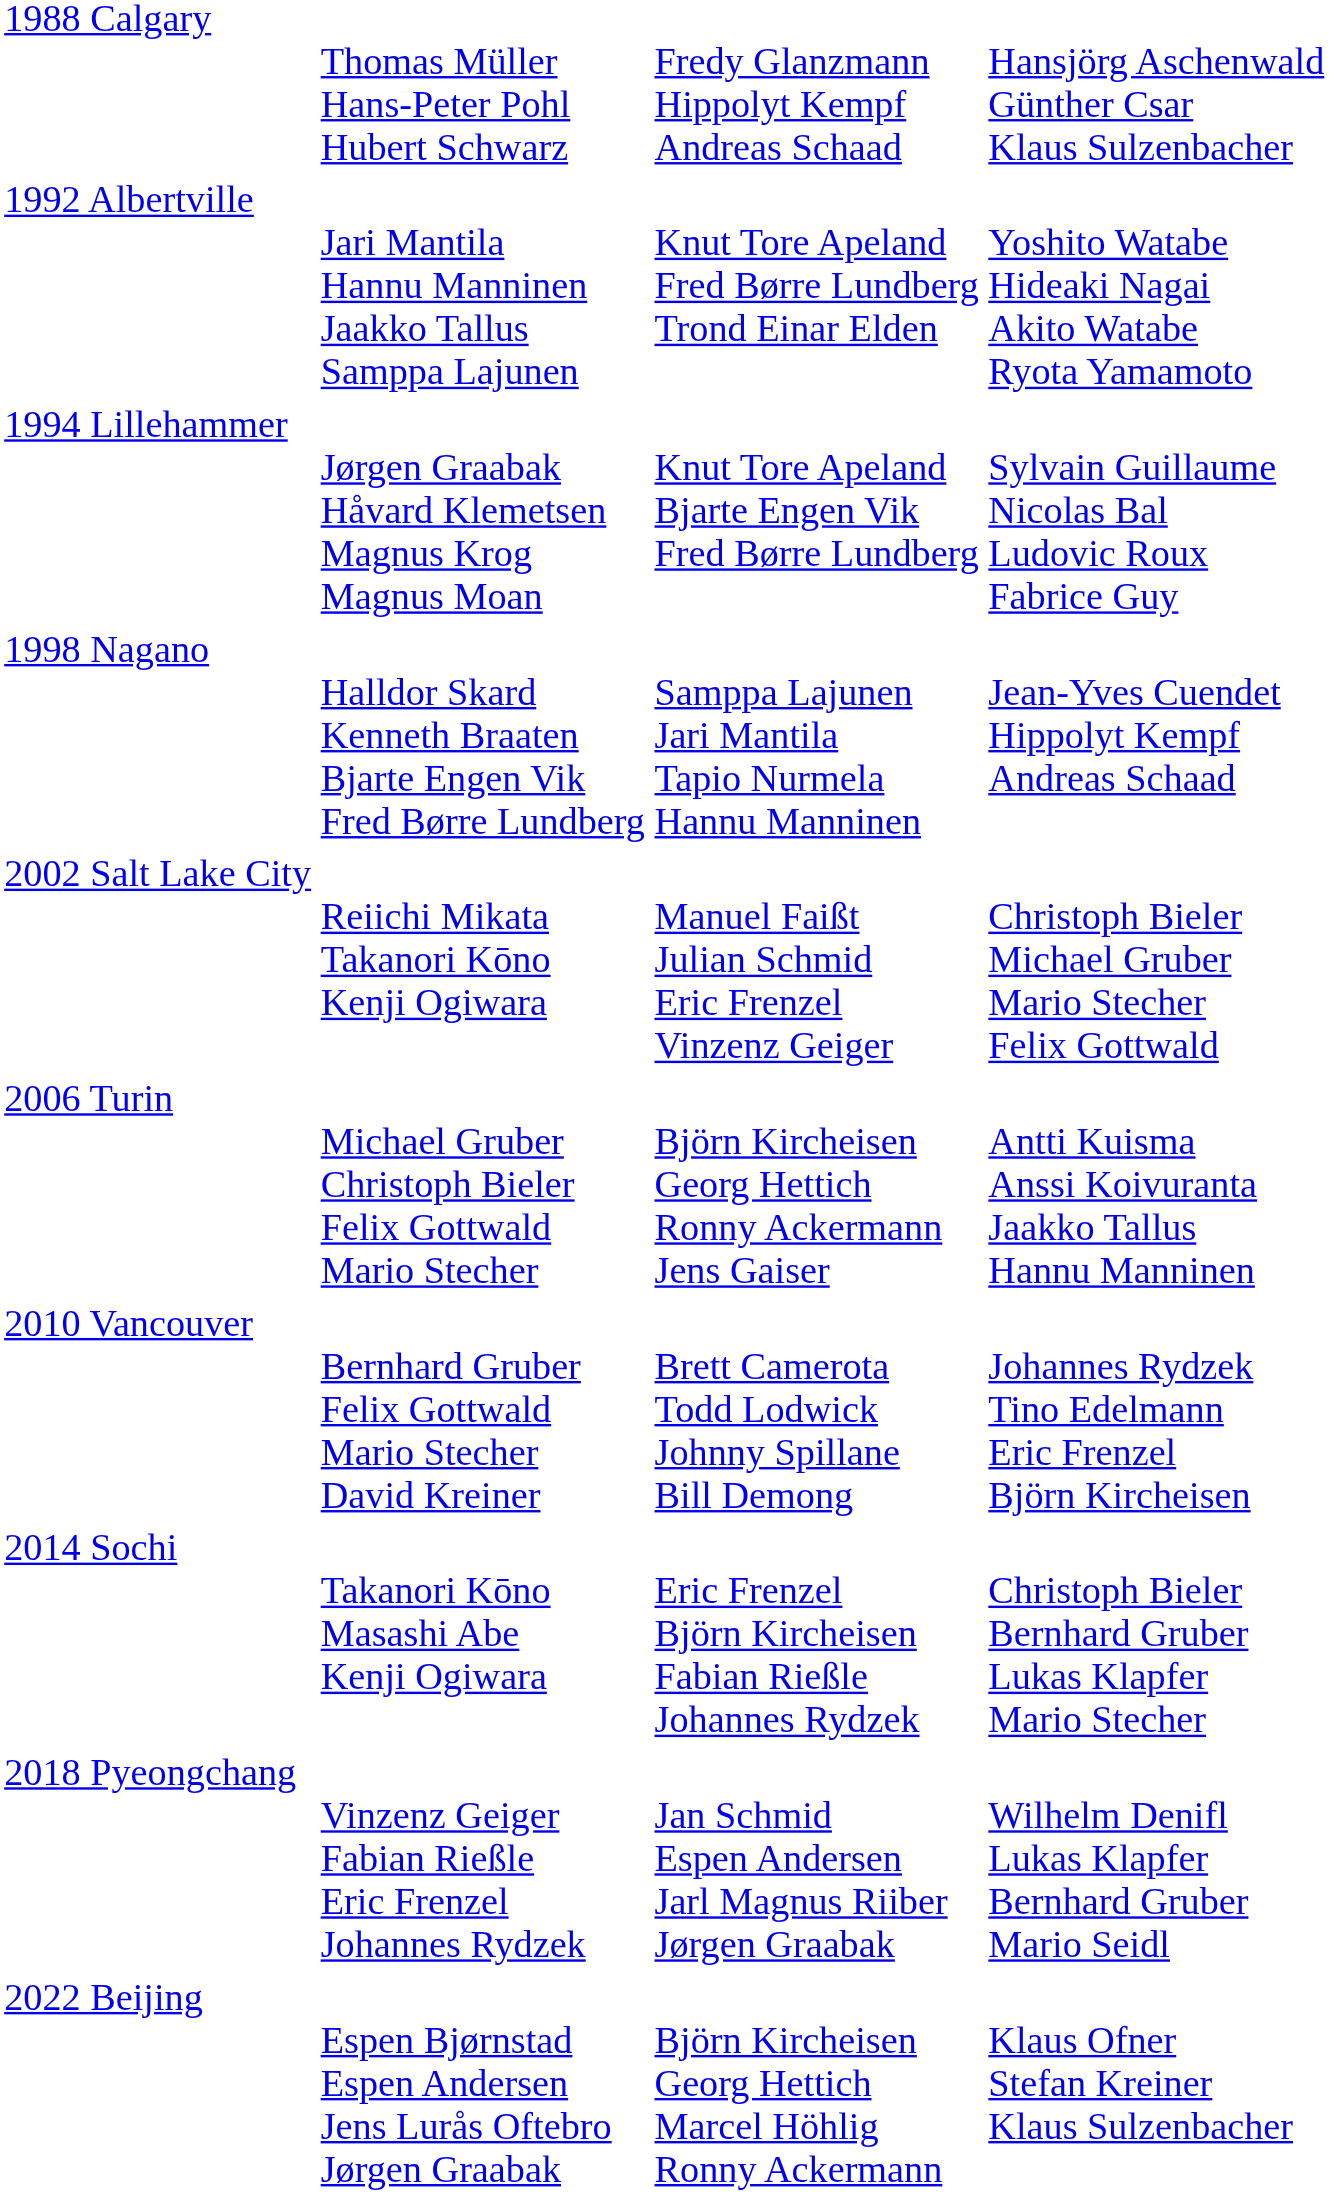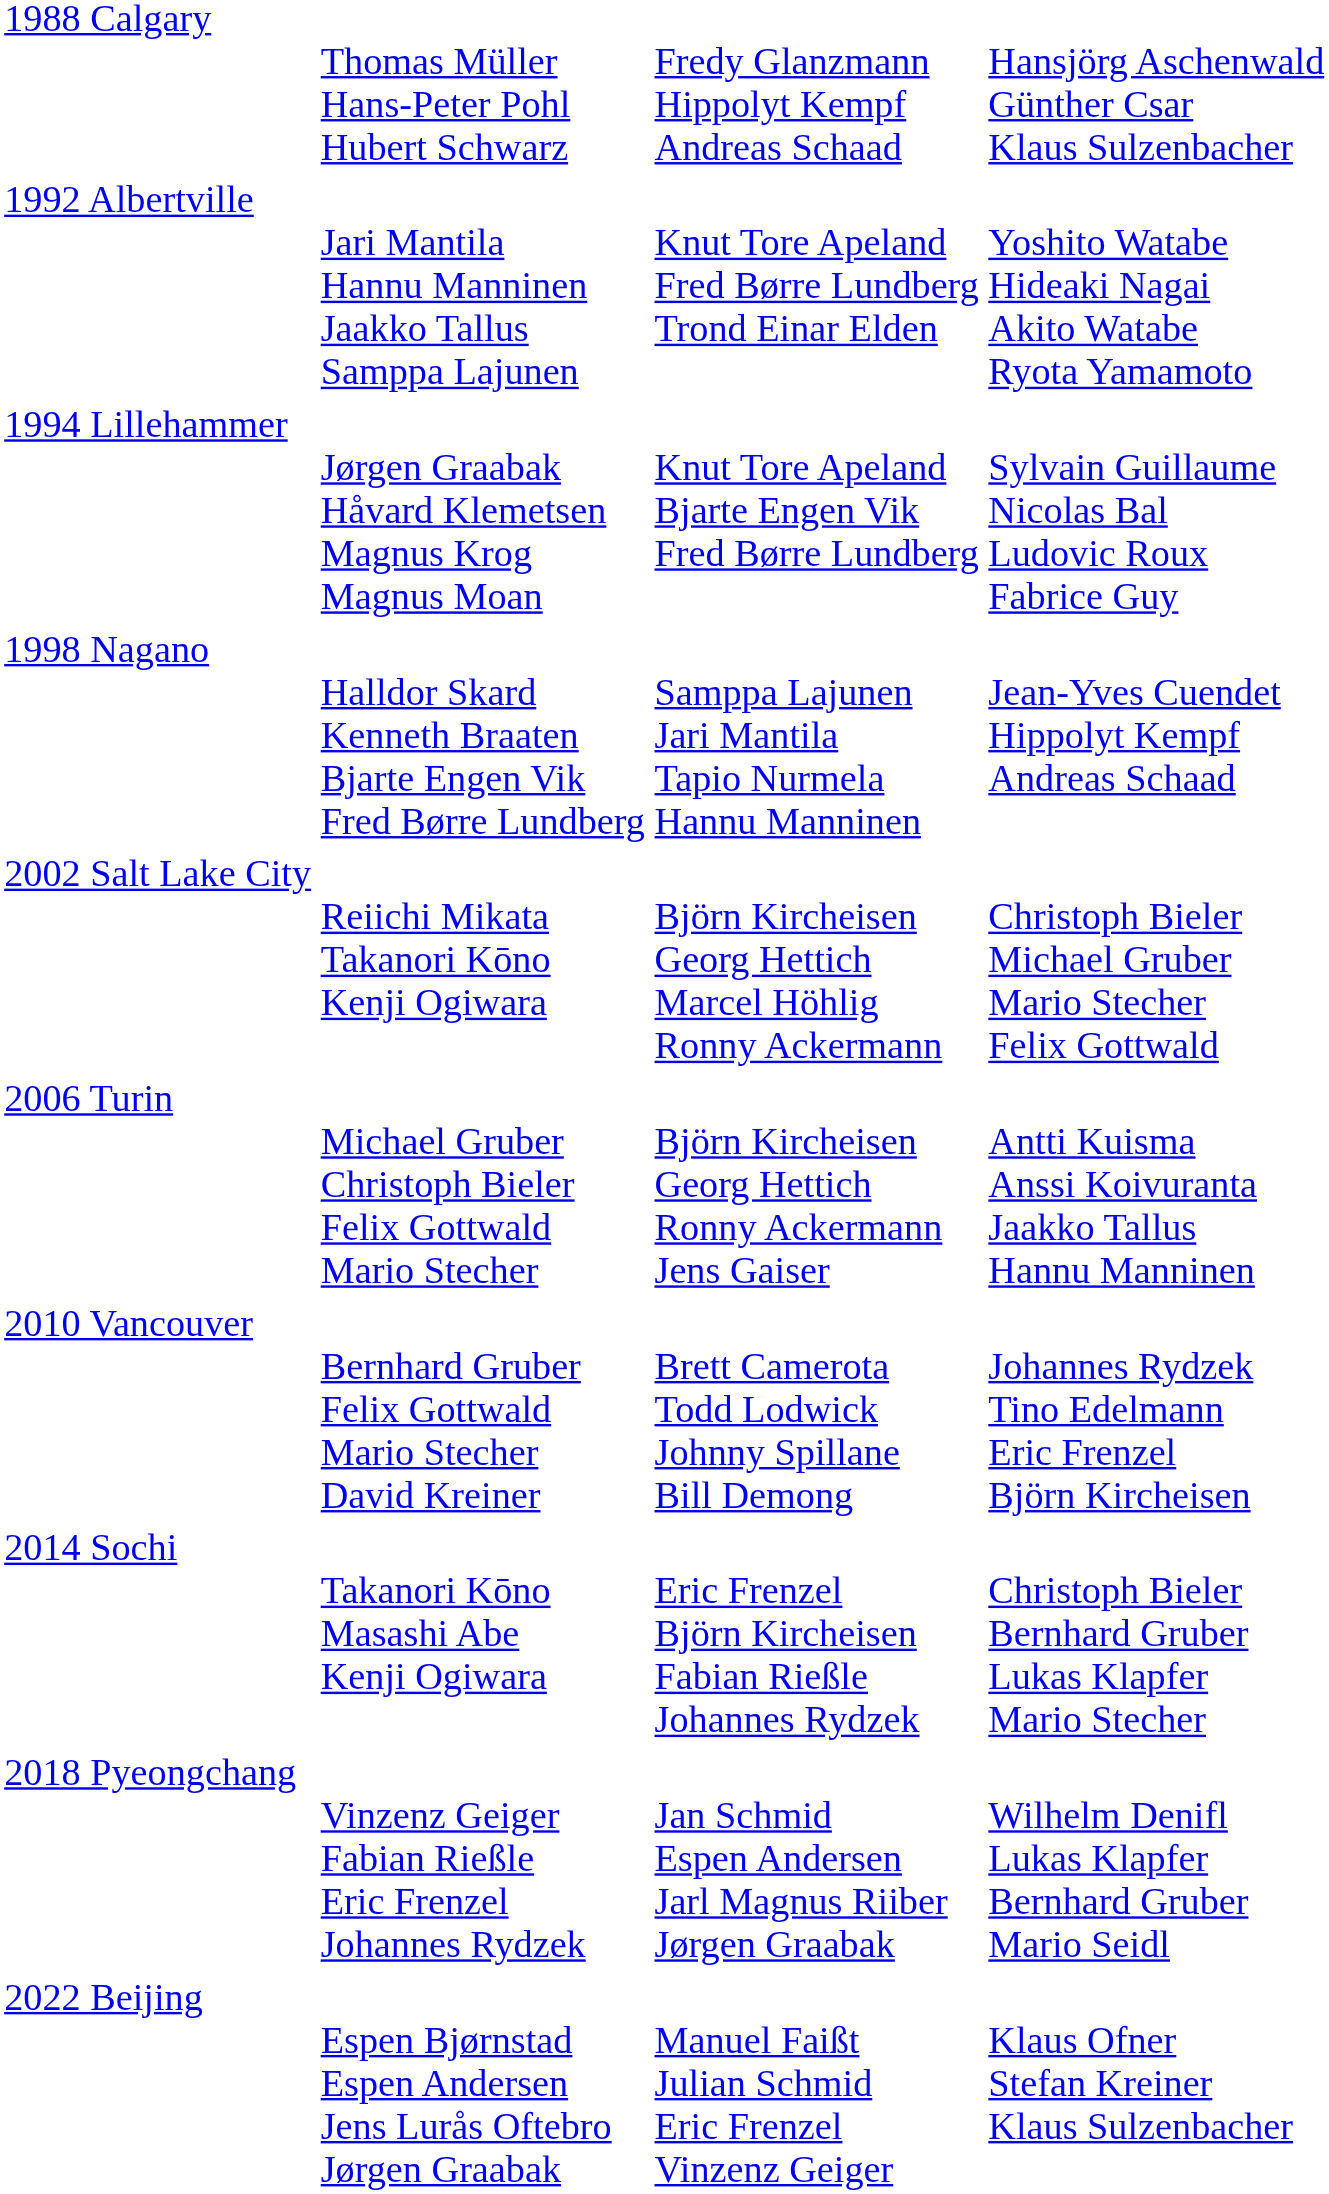 <table>
 <tr valign="top">
 <td><a href='#'>1988 Calgary</a><br></td>
 <td><br><a href='#'>Thomas Müller</a><br><a href='#'>Hans-Peter Pohl</a><br><a href='#'>Hubert Schwarz</a></td>
 <td><br><a href='#'>Fredy Glanzmann</a><br><a href='#'>Hippolyt Kempf</a><br><a href='#'>Andreas Schaad</a></td>
 <td><br><a href='#'>Hansjörg Aschenwald</a><br><a href='#'>Günther Csar</a><br><a href='#'>Klaus Sulzenbacher</a></td>
 </tr>
 <tr valign="top">
 <td><a href='#'>1992 Albertville</a><br></td>
 <td><br><a href='#'>Jari Mantila</a><br><a href='#'>Hannu Manninen</a><br><a href='#'>Jaakko Tallus</a><br><a href='#'>Samppa Lajunen</a></td>
 <td><br><a href='#'>Knut Tore Apeland</a><br><a href='#'>Fred Børre Lundberg</a><br><a href='#'>Trond Einar Elden</a></td>
 <td><br><a href='#'>Yoshito Watabe</a><br><a href='#'>Hideaki Nagai</a><br><a href='#'>Akito Watabe</a><br><a href='#'>Ryota Yamamoto</a></td>
 </tr>
 <tr valign="top">
 <td><a href='#'>1994 Lillehammer</a><br></td>
 <td><br><a href='#'>Jørgen Graabak</a><br><a href='#'>Håvard Klemetsen</a><br><a href='#'>Magnus Krog</a><br><a href='#'>Magnus Moan</a></td>
 <td><br><a href='#'>Knut Tore Apeland</a><br><a href='#'>Bjarte Engen Vik</a><br><a href='#'>Fred Børre Lundberg</a></td>
 <td><br><a href='#'>Sylvain Guillaume</a><br><a href='#'>Nicolas Bal</a><br><a href='#'>Ludovic Roux</a><br><a href='#'>Fabrice Guy</a></td>
 </tr>
 <tr valign="top">
 <td><a href='#'>1998 Nagano</a><br></td>
 <td><br><a href='#'>Halldor Skard</a><br><a href='#'>Kenneth Braaten</a><br><a href='#'>Bjarte Engen Vik</a><br><a href='#'>Fred Børre Lundberg</a></td>
 <td><br><a href='#'>Samppa Lajunen</a><br><a href='#'>Jari Mantila</a><br><a href='#'>Tapio Nurmela</a><br><a href='#'>Hannu Manninen</a></td>
 <td><br><a href='#'>Jean-Yves Cuendet</a><br><a href='#'>Hippolyt Kempf</a><br><a href='#'>Andreas Schaad</a></td>
 </tr>
 <tr valign="top">
 <td><a href='#'>2002 Salt Lake City</a><br></td>
 <td><br><a href='#'>Reiichi Mikata</a><br><a href='#'>Takanori Kōno</a><br><a href='#'>Kenji Ogiwara</a></td>
-<td><br><a href='#'>Manuel Faißt</a><br><a href='#'>Julian Schmid</a><br><a href='#'>Eric Frenzel</a><br><a href='#'>Vinzenz Geiger</a></td>
+<td><br><a href='#'>Björn Kircheisen</a><br><a href='#'>Georg Hettich</a><br><a href='#'>Marcel Höhlig</a><br><a href='#'>Ronny Ackermann</a></td>
 <td><br><a href='#'>Christoph Bieler</a><br><a href='#'>Michael Gruber</a><br><a href='#'>Mario Stecher</a><br><a href='#'>Felix Gottwald</a></td>
 </tr>
 <tr valign="top">
 <td><a href='#'>2006 Turin</a><br></td>
 <td><br><a href='#'>Michael Gruber</a><br><a href='#'>Christoph Bieler</a><br><a href='#'>Felix Gottwald</a><br><a href='#'>Mario Stecher</a></td>
 <td><br><a href='#'>Björn Kircheisen</a><br><a href='#'>Georg Hettich</a><br><a href='#'>Ronny Ackermann</a><br><a href='#'>Jens Gaiser</a></td>
 <td><br><a href='#'>Antti Kuisma</a><br><a href='#'>Anssi Koivuranta</a><br><a href='#'>Jaakko Tallus</a><br><a href='#'>Hannu Manninen</a></td>
 </tr>
 <tr valign="top">
 <td><a href='#'>2010 Vancouver</a><br></td>
 <td><br><a href='#'>Bernhard Gruber</a><br><a href='#'>Felix Gottwald</a><br><a href='#'>Mario Stecher</a><br><a href='#'>David Kreiner</a></td>
 <td><br><a href='#'>Brett Camerota</a><br><a href='#'>Todd Lodwick</a><br><a href='#'>Johnny Spillane</a><br><a href='#'>Bill Demong</a></td>
 <td><br><a href='#'>Johannes Rydzek</a><br><a href='#'>Tino Edelmann</a><br><a href='#'>Eric Frenzel</a><br><a href='#'>Björn Kircheisen</a></td>
 </tr>
 <tr valign="top">
 <td><a href='#'>2014 Sochi</a><br></td>
 <td><br><a href='#'>Takanori Kōno</a><br><a href='#'>Masashi Abe</a><br><a href='#'>Kenji Ogiwara</a></td>
 <td><br><a href='#'>Eric Frenzel</a><br><a href='#'>Björn Kircheisen</a><br><a href='#'>Fabian Rießle</a><br><a href='#'>Johannes Rydzek</a></td>
 <td><br><a href='#'>Christoph Bieler</a><br><a href='#'>Bernhard Gruber</a><br><a href='#'>Lukas Klapfer</a><br><a href='#'>Mario Stecher</a></td>
 </tr>
 <tr valign="top">
 <td><a href='#'>2018 Pyeongchang</a><br></td>
 <td><br><a href='#'>Vinzenz Geiger</a><br><a href='#'>Fabian Rießle</a><br><a href='#'>Eric Frenzel</a><br><a href='#'>Johannes Rydzek</a></td>
 <td><br><a href='#'>Jan Schmid</a><br><a href='#'>Espen Andersen</a><br><a href='#'>Jarl Magnus Riiber</a><br><a href='#'>Jørgen Graabak</a></td>
 <td><br><a href='#'>Wilhelm Denifl</a><br><a href='#'>Lukas Klapfer</a><br><a href='#'>Bernhard Gruber</a><br><a href='#'>Mario Seidl</a></td>
 </tr>
 <tr valign="top">
 <td><a href='#'>2022 Beijing</a> <br></td>
 <td><br><a href='#'>Espen Bjørnstad</a><br><a href='#'>Espen Andersen</a><br><a href='#'>Jens Lurås Oftebro</a><br><a href='#'>Jørgen Graabak</a></td>
-<td><br><a href='#'>Björn Kircheisen</a><br><a href='#'>Georg Hettich</a><br><a href='#'>Marcel Höhlig</a><br><a href='#'>Ronny Ackermann</a></td>
+<td><br><a href='#'>Manuel Faißt</a><br><a href='#'>Julian Schmid</a><br><a href='#'>Eric Frenzel</a><br><a href='#'>Vinzenz Geiger</a></td>
 <td><br><a href='#'>Klaus Ofner</a><br><a href='#'>Stefan Kreiner</a><br><a href='#'>Klaus Sulzenbacher</a></td>
 </tr>
 <tr>
 </tr>
 </table>
